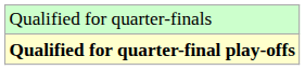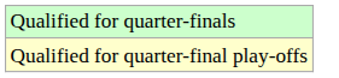 <table class="wikitable">
 <tr>
 <td style="background:#cfc">Qualified for quarter-finals</td>
 </tr>
 <tr>
-<td style="background:#ffc"><strong>Qualified for quarter-final play-offs</strong></td>
+<td style="background:#ffc">Qualified for quarter-final play-offs</td>
 </tr>
 </table>
